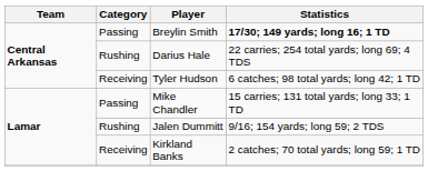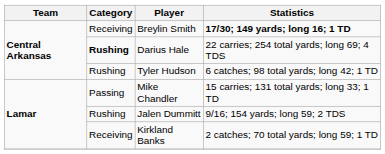 <table class="wikitable" style="float: right;">
 <tr>
 <th>Team</th>
 <th>Category</th>
 <th>Player</th>
 <th>Statistics</th>
 </tr>
 <tr>
 <td rowspan=3><strong>Central Arkansas</strong></td>
-<td>Passing</td>
+<td>Receiving</td>
 <td>Breylin Smith</td>
 <td><strong>17/30;  149 yards; long 16; 1 TD</strong></td>
 </tr>
 <tr>
-<td>Rushing</td>
+<td><strong>Rushing</strong></td>
 <td>Darius Hale</td>
 <td>22 carries; 254 total yards; long 69; 4 TDS</td>
 </tr>
 <tr>
-<td>Receiving</td>
+<td>Rushing</td>
 <td>Tyler Hudson</td>
 <td>6 catches; 98 total yards; long 42; 1 TD</td>
 </tr>
 <tr>
 <td rowspan=3><strong>Lamar</strong></td>
 <td>Passing</td>
 <td>Mike Chandler</td>
 <td>15 carries; 131 total yards; long 33; 1 TD</td>
 </tr>
 <tr>
 <td>Rushing</td>
 <td>Jalen Dummitt</td>
 <td>9/16; 154 yards; long 59; 2 TDS</td>
 </tr>
 <tr>
 <td>Receiving</td>
 <td>Kirkland Banks</td>
 <td>2 catches; 70 total yards; long 59; 1 TD</td>
 </tr>
 <tr>
 </tr>
 </table>
